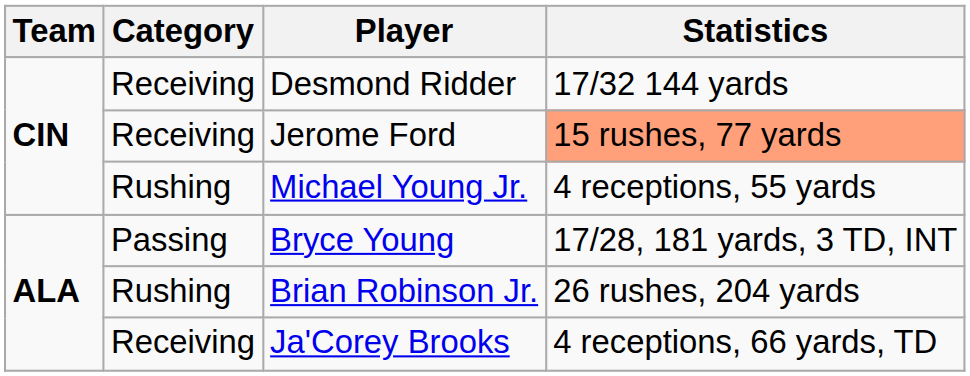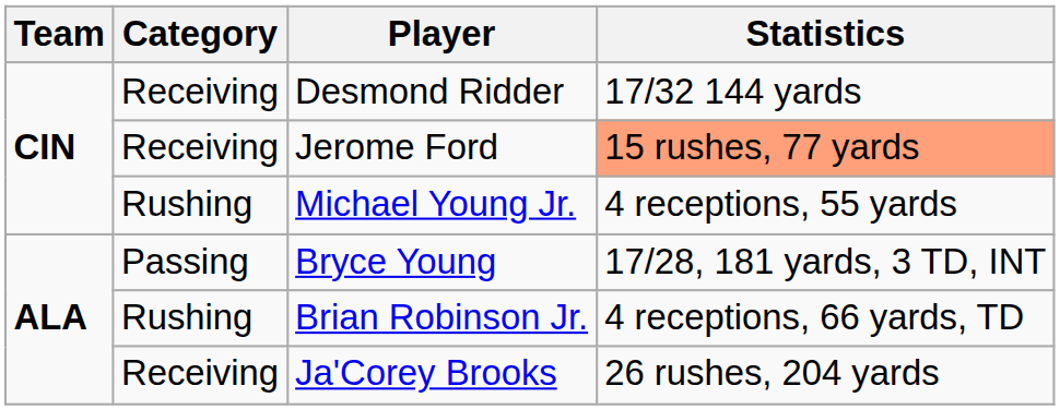 <table class="wikitable" style="float: left;">
 <tr>
 <th>Team</th>
 <th>Category</th>
 <th>Player</th>
 <th>Statistics</th>
 </tr>
 <tr>
 <td rowspan=3><strong>CIN</strong></td>
 <td>Receiving</td>
 <td>Desmond Ridder</td>
 <td>17/32 144 yards</td>
 </tr>
 <tr>
 <td>Receiving</td>
 <td>Jerome Ford</td>
 <td style="background: lightsalmon;">15 rushes, 77 yards</td>
 </tr>
 <tr>
 <td>Rushing</td>
 <td><a href='#'>Michael Young Jr.</a></td>
 <td>4 receptions, 55 yards</td>
 </tr>
 <tr>
 <td rowspan=3><strong>ALA</strong></td>
 <td>Passing</td>
 <td><a href='#'>Bryce Young</a></td>
 <td>17/28, 181 yards, 3 TD, INT</td>
 </tr>
 <tr>
 <td>Rushing</td>
 <td><a href='#'>Brian Robinson Jr.</a></td>
-<td>26 rushes, 204 yards</td>
+<td>4 receptions, 66 yards, TD</td>
 </tr>
 <tr>
 <td>Receiving</td>
 <td><a href='#'>Ja'Corey Brooks</a></td>
-<td>4 receptions, 66 yards, TD</td>
+<td>26 rushes, 204 yards</td>
 </tr>
 </table>
